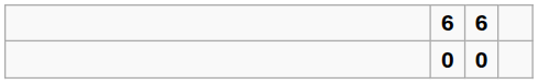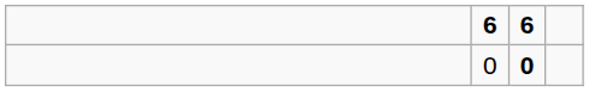 <table class="wikitable">
 <tr>
 <td style="width:18em"><strong></strong></td>
 <td align=center style="width:1em"><strong>6</strong></td>
 <td align=center style="width:1em"><strong>6</strong></td>
 <td align=center style="width:1em"></td>
 </tr>
 <tr>
 <td style="width:18em"></td>
-<td align=center style="width:1em"><strong>0</strong></td>
+<td align=center style="width:1em">0</td>
 <td align=center style="width:1em"><strong>0</strong></td>
 <td align=center style="width:1em"></td>
 </tr>
 </table>
